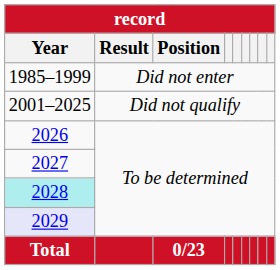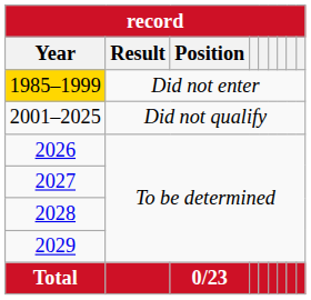 <table class="wikitable" style="text-align: center;">
 <tr>
 <th colspan=9 style="background: #CE1126; color: #FFFFFF;"><a href='#'></a> record</th>
 </tr>
 <tr>
 <th>Year</th>
 <th>Result</th>
 <th>Position</th>
 <th></th>
 <th></th>
 <th></th>
 <th></th>
 <th></th>
 <th></th>
 </tr>
 <tr>
-<td>1985–1999</td>
+<td style="background: gold;">1985–1999</td>
 <td colspan=8><em>Did not enter</em></td>
 </tr>
 <tr>
 <td>2001–2025</td>
 <td colspan=8><em>Did not qualify</em></td>
 </tr>
 <tr>
 <td> <a href='#'>2026</a></td>
 <td rowspan=4 colspan=8><em>To be determined</em></td>
 </tr>
 <tr>
 <td> <a href='#'>2027</a></td>
 </tr>
 <tr>
-<td style="background: paleturquoise;"> <a href='#'>2028</a></td>
+<td> <a href='#'>2028</a></td>
 </tr>
 <tr>
-<td style="background: lavender;"> <a href='#'>2029</a></td>
+<td> <a href='#'>2029</a></td>
 </tr>
 <tr style="background: #CE1126; color: #FFFFFF;|">
 <td><strong>Total</strong></td>
 <td></td>
 <td><strong>0/23</strong></td>
 <td></td>
 <td></td>
 <td></td>
 <td></td>
 <td></td>
 <td></td>
 </tr>
 </table>
